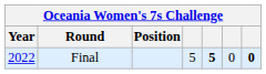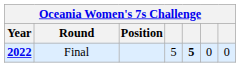 <table class="wikitable" style="text-align: center;">
 <tr>
 <th colspan=7><a href='#'>Oceania Women's 7s Challenge</a></th>
 </tr>
 <tr>
 <th>Year</th>
 <th style="width:6.5em;">Round</th>
 <th style="padding:2px;">Position</th>
 <th style="width:1em;"></th>
 <th style="width:1em;"></th>
 <th style="width:1em;"></th>
 <th style="width:1em;"></th>
 </tr>
 <tr bgcolor=#def>
-<td> <a href='#'>2022</a></td>
+<td><strong> <a href='#'>2022</a></strong></td>
 <td>Final</td>
 <td></td>
 <td>5</td>
 <td><strong>5</strong></td>
 <td>0</td>
-<td><strong>0</strong></td>
+<td>0</td>
 </tr>
 </table>
